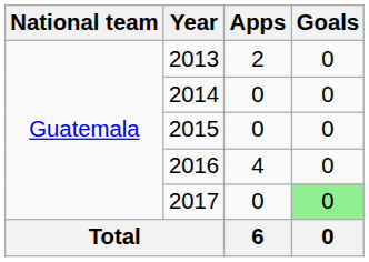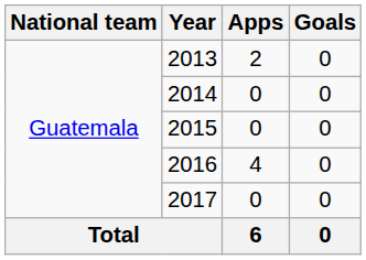 <table class="wikitable" style="text-align:center">
 <tr>
 <th>National team</th>
 <th>Year</th>
 <th>Apps</th>
 <th>Goals</th>
 </tr>
 <tr>
 <td rowspan="5"><a href='#'>Guatemala</a></td>
 <td>2013</td>
 <td>2</td>
 <td>0</td>
 </tr>
 <tr>
 <td>2014</td>
 <td>0</td>
 <td>0</td>
 </tr>
 <tr>
 <td>2015</td>
 <td>0</td>
 <td>0</td>
 </tr>
 <tr>
 <td>2016</td>
 <td>4</td>
 <td>0</td>
 </tr>
 <tr>
 <td>2017</td>
 <td>0</td>
-<td style="background: lightgreen;">0</td>
+<td>0</td>
 </tr>
 <tr>
 <th colspan=2>Total</th>
 <th>6</th>
 <th>0</th>
 </tr>
 </table>
